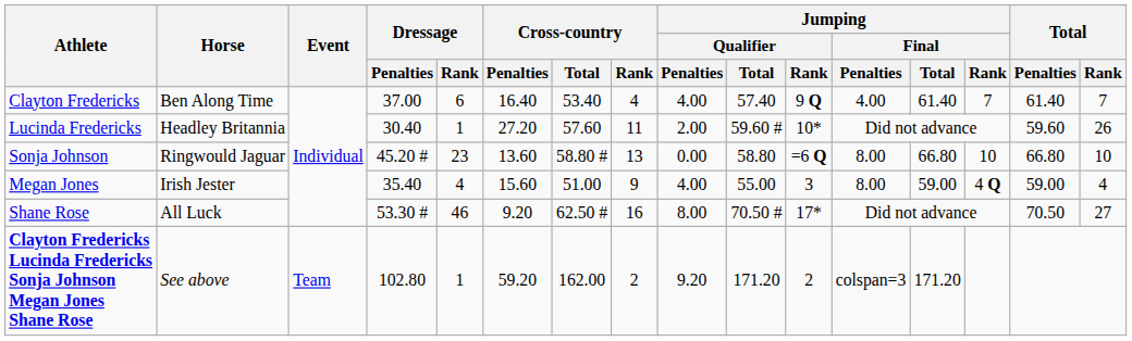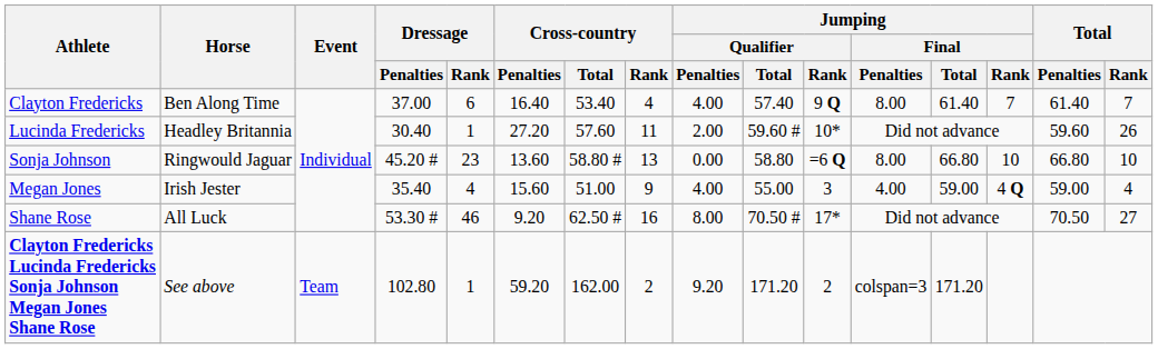 <table class=wikitable style="font-size:90%">
 <tr>
 <th rowspan="3">Athlete</th>
 <th rowspan="3">Horse</th>
 <th rowspan="3">Event</th>
 <th colspan="2" rowspan="2">Dressage</th>
 <th colspan="3" rowspan="2">Cross-country</th>
 <th colspan="6">Jumping</th>
 <th colspan="2" rowspan="2">Total</th>
 </tr>
 <tr style="font-size:95%">
 <th colspan="3">Qualifier</th>
 <th colspan="3">Final</th>
 </tr>
 <tr style="font-size:95%">
 <th>Penalties</th>
 <th>Rank</th>
 <th>Penalties</th>
 <th>Total</th>
 <th>Rank</th>
 <th>Penalties</th>
 <th>Total</th>
 <th>Rank</th>
 <th>Penalties</th>
 <th>Total</th>
 <th>Rank</th>
 <th>Penalties</th>
 <th>Rank</th>
 </tr>
 <tr align=center>
 <td align=left><a href='#'>Clayton Fredericks</a></td>
 <td align=left>Ben Along Time</td>
 <td align=left rowspan=5><a href='#'>Individual</a></td>
 <td>37.00</td>
 <td>6</td>
 <td>16.40</td>
 <td>53.40</td>
 <td>4</td>
 <td>4.00</td>
 <td>57.40</td>
 <td>9 <strong>Q</strong></td>
-<td>4.00</td>
+<td>8.00</td>
 <td>61.40</td>
 <td>7</td>
 <td>61.40</td>
 <td>7</td>
 </tr>
 <tr align=center>
 <td align=left><a href='#'>Lucinda Fredericks</a></td>
 <td align=left>Headley Britannia</td>
 <td>30.40</td>
 <td>1</td>
 <td>27.20</td>
 <td>57.60</td>
 <td>11</td>
 <td>2.00</td>
 <td>59.60 #</td>
 <td>10*</td>
 <td colspan=3>Did not advance</td>
 <td>59.60</td>
 <td>26</td>
 </tr>
 <tr align=center>
 <td align=left><a href='#'>Sonja Johnson</a></td>
 <td align=left>Ringwould Jaguar</td>
 <td>45.20 #</td>
 <td>23</td>
 <td>13.60</td>
 <td>58.80 #</td>
 <td>13</td>
 <td>0.00</td>
 <td>58.80</td>
 <td>=6 <strong>Q</strong></td>
 <td>8.00</td>
 <td>66.80</td>
 <td>10</td>
 <td>66.80</td>
 <td>10</td>
 </tr>
 <tr align=center>
 <td align=left><a href='#'>Megan Jones</a></td>
 <td align=left>Irish Jester</td>
 <td>35.40</td>
 <td>4</td>
 <td>15.60</td>
 <td>51.00</td>
 <td>9</td>
 <td>4.00</td>
 <td>55.00</td>
 <td>3</td>
-<td>8.00</td>
+<td>4.00</td>
 <td>59.00</td>
 <td>4 <strong>Q</strong></td>
 <td>59.00</td>
 <td>4</td>
 </tr>
 <tr align=center>
 <td align=left><a href='#'>Shane Rose</a></td>
 <td align=left>All Luck</td>
 <td>53.30 #</td>
 <td>46</td>
 <td>9.20</td>
 <td>62.50 #</td>
 <td>16</td>
 <td>8.00</td>
 <td>70.50 #</td>
 <td>17*</td>
 <td colspan=3>Did not advance</td>
 <td>70.50</td>
 <td>27</td>
 </tr>
 <tr align=center>
 <td align=left><strong><a href='#'>Clayton Fredericks</a><br><a href='#'>Lucinda Fredericks</a><br><a href='#'>Sonja Johnson</a><br><a href='#'>Megan Jones</a><br><a href='#'>Shane Rose</a></strong></td>
 <td align=left><em>See above</em></td>
 <td align=left><a href='#'>Team</a></td>
 <td>102.80</td>
 <td>1</td>
 <td>59.20</td>
 <td>162.00</td>
 <td>2</td>
 <td>9.20</td>
 <td>171.20</td>
 <td>2</td>
 <td>colspan=3 </td>
 <td>171.20</td>
 <td></td>
 </tr>
 </table>
